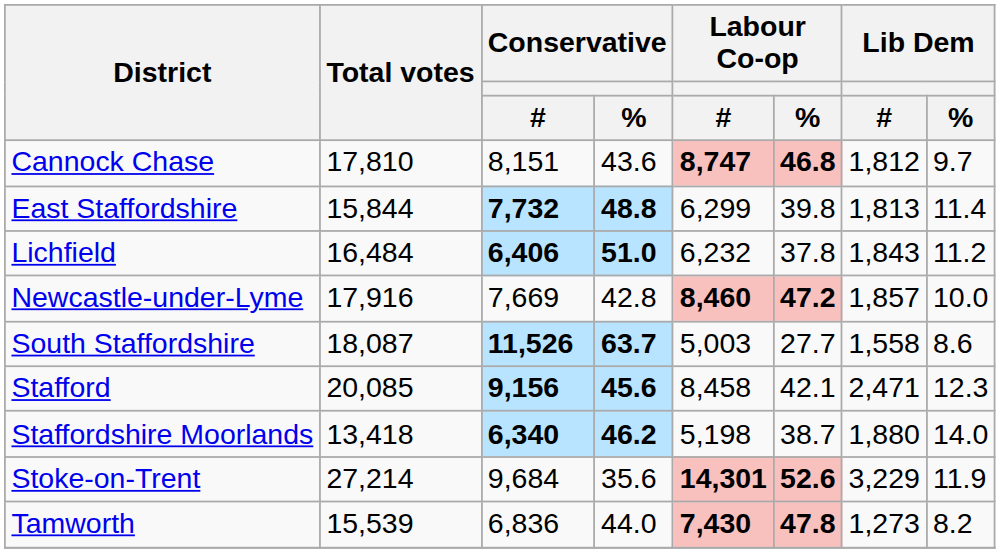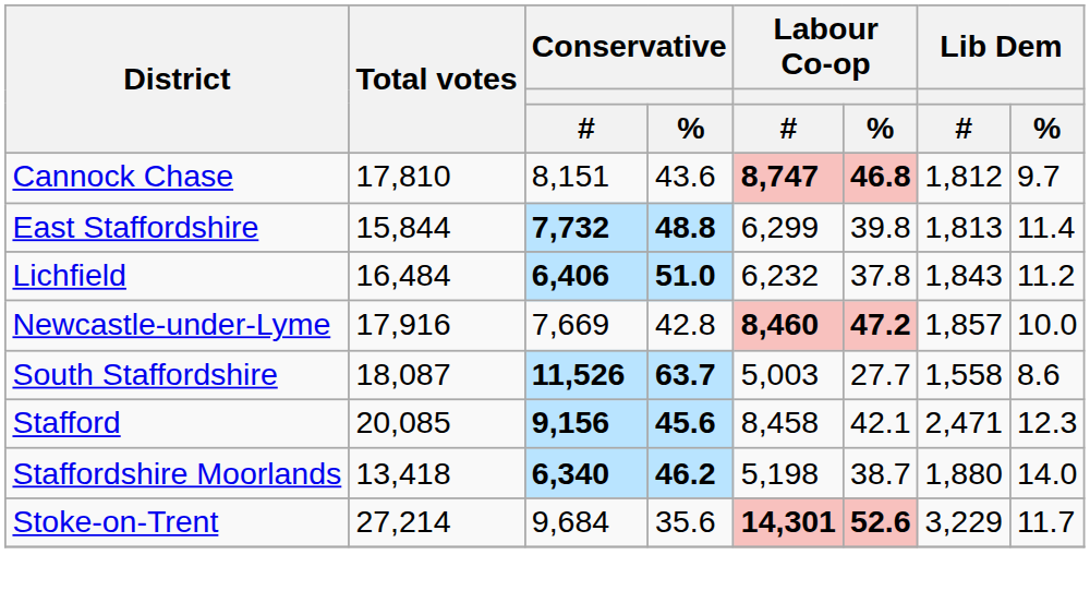 <table class="wikitable sortable">
 <tr>
 <th rowspan=3>District</th>
 <th rowspan=3>Total votes</th>
 <th colspan="2">Conservative</th>
 <th colspan="2">Labour<br>Co-op</th>
 <th colspan="2">Lib Dem</th>
 </tr>
 <tr>
 <th colspan="2" style="background:"></th>
 <th colspan="2" style="background:"></th>
 <th colspan="2" style="background:"></th>
 </tr>
 <tr>
 <th>#</th>
 <th>%</th>
 <th>#</th>
 <th>%</th>
 <th>#</th>
 <th>%</th>
 </tr>
 <tr>
 <td><a href='#'>Cannock Chase</a></td>
 <td>17,810</td>
 <td>8,151</td>
 <td>43.6</td>
 <td style="background:#F8C1BE;"><strong>8,747</strong></td>
 <td style="background:#F8C1BE;"><strong>46.8</strong></td>
 <td>1,812</td>
 <td>9.7</td>
 </tr>
 <tr>
 <td><a href='#'>East Staffordshire</a></td>
 <td>15,844</td>
 <td style="background:#B9E4FF;"><strong>7,732</strong></td>
 <td style="background:#B9E4FF;"><strong>48.8</strong></td>
 <td>6,299</td>
 <td>39.8</td>
 <td>1,813</td>
 <td>11.4</td>
 </tr>
 <tr>
 <td><a href='#'>Lichfield</a></td>
 <td>16,484</td>
 <td style="background:#B9E4FF;"><strong>6,406</strong></td>
 <td style="background:#B9E4FF;"><strong>51.0</strong></td>
 <td>6,232</td>
 <td>37.8</td>
 <td>1,843</td>
 <td>11.2</td>
 </tr>
 <tr>
 <td><a href='#'>Newcastle-under-Lyme</a></td>
 <td>17,916</td>
 <td>7,669</td>
 <td>42.8</td>
 <td style="background:#F8C1BE;"><strong>8,460</strong></td>
 <td style="background:#F8C1BE;"><strong>47.2</strong></td>
 <td>1,857</td>
 <td>10.0</td>
 </tr>
 <tr>
 <td><a href='#'>South Staffordshire</a></td>
 <td>18,087</td>
 <td style="background:#B9E4FF;"><strong>11,526</strong></td>
 <td style="background:#B9E4FF;"><strong>63.7</strong></td>
 <td>5,003</td>
 <td>27.7</td>
 <td>1,558</td>
 <td>8.6</td>
 </tr>
 <tr>
 <td><a href='#'>Stafford</a></td>
 <td>20,085</td>
 <td style="background:#B9E4FF;"><strong>9,156</strong></td>
 <td style="background:#B9E4FF;"><strong>45.6</strong></td>
 <td>8,458</td>
 <td>42.1</td>
 <td>2,471</td>
 <td>12.3</td>
 </tr>
 <tr>
 <td><a href='#'>Staffordshire Moorlands</a></td>
 <td>13,418</td>
 <td style="background:#B9E4FF;"><strong>6,340</strong></td>
 <td style="background:#B9E4FF;"><strong>46.2</strong></td>
 <td>5,198</td>
 <td>38.7</td>
 <td>1,880</td>
 <td>14.0</td>
 </tr>
 <tr>
 <td><a href='#'>Stoke-on-Trent</a></td>
 <td>27,214</td>
 <td>9,684</td>
 <td>35.6</td>
 <td style="background:#F8C1BE;"><strong>14,301</strong></td>
 <td style="background:#F8C1BE;"><strong>52.6</strong></td>
 <td>3,229</td>
-<td>11.9</td>
-</tr>
-<tr>
-<td><a href='#'>Tamworth</a></td>
-<td>15,539</td>
-<td>6,836</td>
-<td>44.0</td>
-<td style="background:#F8C1BE;"><strong>7,430</strong></td>
-<td style="background:#F8C1BE;"><strong>47.8</strong></td>
-<td>1,273</td>
-<td>8.2</td>
+<td>11.7</td>
 </tr>
 <tr>
 </tr>
 </table>
